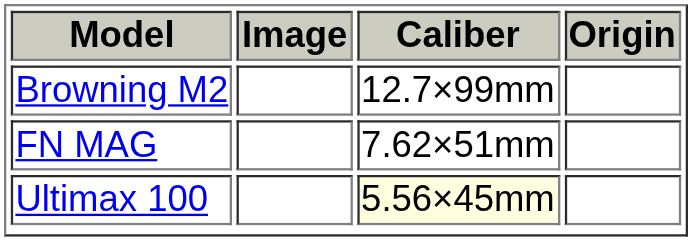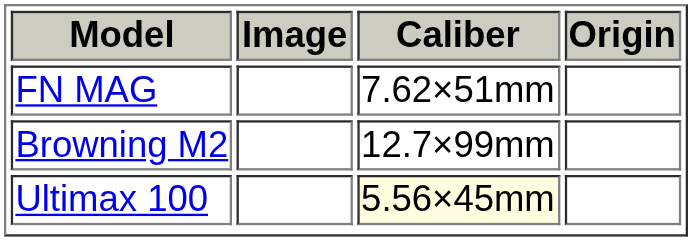 <table border=1 style="border-collapse:">
 <tr bgcolor=ccccc>
 <th>Model</th>
 <th>Image</th>
 <th>Caliber</th>
 <th>Origin</th>
 </tr>
 <tr>
+<td><a href='#'>FN MAG</a></td>
+<td></td>
+<td>7.62×51mm</td>
+<td></td>
+</tr>
+<tr>
 <td><a href='#'>Browning M2</a></td>
 <td></td>
 <td>12.7×99mm</td>
-<td></td>
-</tr>
-<tr>
-<td><a href='#'>FN MAG</a></td>
-<td></td>
-<td>7.62×51mm</td>
 <td></td>
 </tr>
 <tr>
 <td><a href='#'>Ultimax 100</a></td>
 <td></td>
 <td style="background: lightyellow;">5.56×45mm</td>
 <td></td>
 </tr>
 <tr>
 </tr>
 </table>
